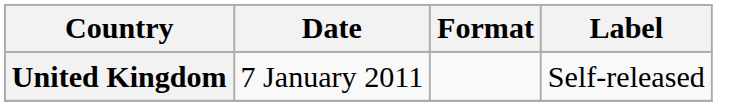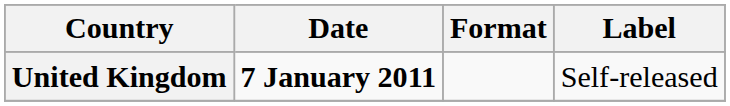 <table class="wikitable plainrowheaders">
 <tr>
 <th scope="col">Country</th>
 <th scope="col">Date</th>
 <th scope="col">Format</th>
 <th scope="col">Label</th>
 </tr>
 <tr>
 <th scope="row">United Kingdom</th>
-<td>7 January 2011</td>
+<td><strong>7 January 2011</strong></td>
 <td></td>
 <td>Self-released</td>
 </tr>
 <tr>
 </tr>
 </table>
